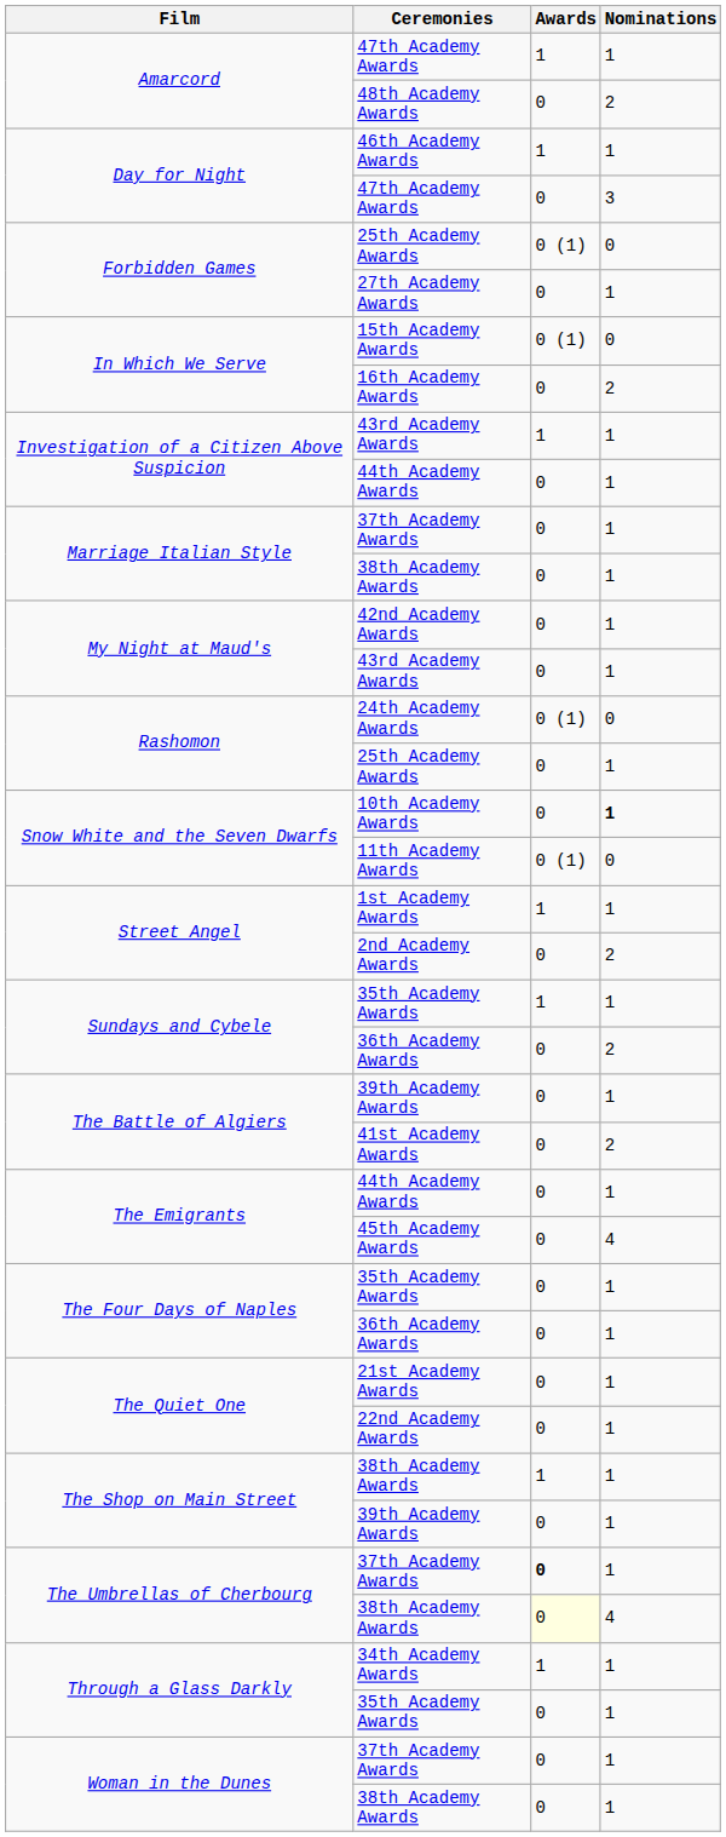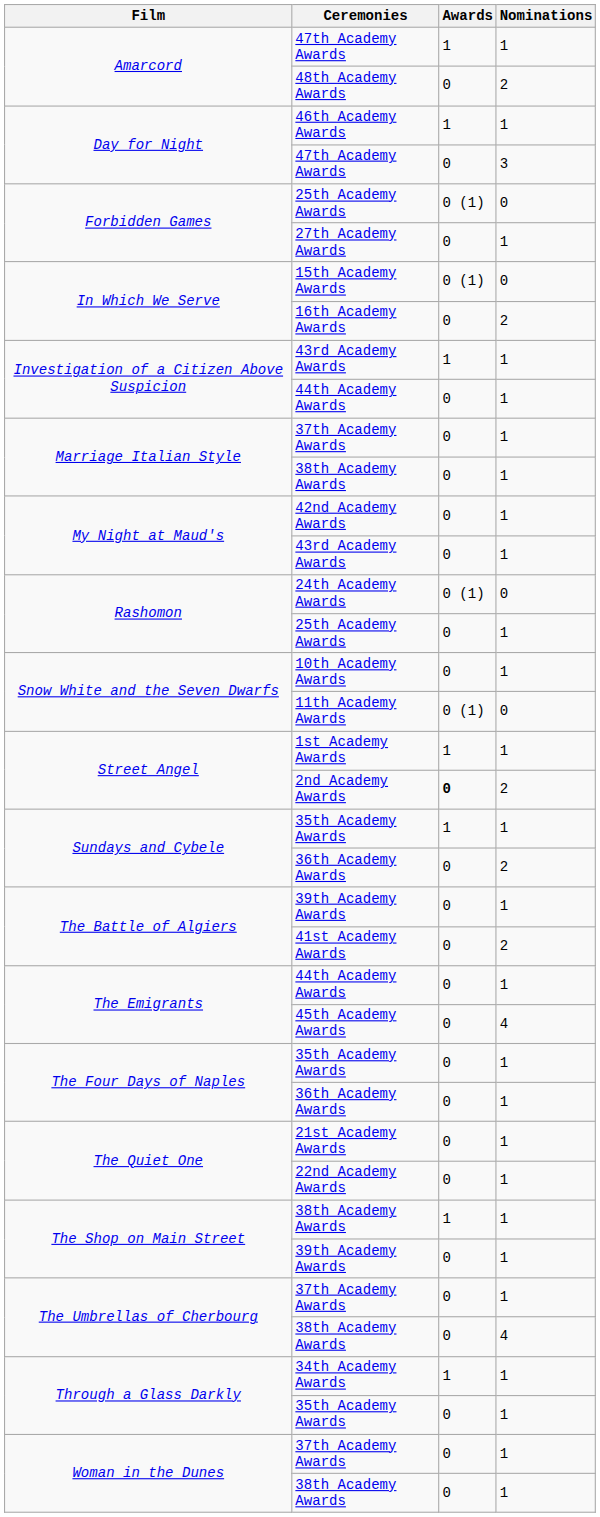 <table class="wikitable sortable collapsible">
 <tr>
 <th ! style=width:20em>Film</th>
 <th scope="col" width="130">Ceremonies</th>
 <th data-sort-type="number" align="center">Awards</th>
 <th data-sort-type="number" align="center">Nominations</th>
 </tr>
 <tr>
 <td rowspan=2 style="text-align:center"><em><a href='#'>Amarcord</a></em></td>
 <td><a href='#'>47th Academy Awards</a></td>
 <td>1</td>
 <td>1</td>
 </tr>
 <tr>
 <td><a href='#'>48th Academy Awards</a></td>
 <td>0</td>
 <td>2</td>
 </tr>
 <tr>
 <td rowspan=2 style="text-align:center"><em><a href='#'>Day for Night</a></em></td>
 <td><a href='#'>46th Academy Awards</a></td>
 <td>1</td>
 <td>1</td>
 </tr>
 <tr>
 <td><a href='#'>47th Academy Awards</a></td>
 <td>0</td>
 <td>3</td>
 </tr>
 <tr>
 <td rowspan=2 style="text-align:center"><em><a href='#'>Forbidden Games</a></em></td>
 <td><a href='#'>25th Academy Awards</a></td>
 <td>0 (1)</td>
 <td>0</td>
 </tr>
 <tr>
 <td><a href='#'>27th Academy Awards</a></td>
 <td>0</td>
 <td>1</td>
 </tr>
 <tr>
 <td rowspan=2 style="text-align:center"><em><a href='#'>In Which We Serve</a></em></td>
 <td><a href='#'>15th Academy Awards</a></td>
 <td>0 (1)</td>
 <td>0</td>
 </tr>
 <tr>
 <td><a href='#'>16th Academy Awards</a></td>
 <td>0</td>
 <td>2</td>
 </tr>
 <tr>
 <td rowspan=2 style="text-align:center"><em><a href='#'>Investigation of a Citizen Above Suspicion</a></em></td>
 <td><a href='#'>43rd Academy Awards</a></td>
 <td>1</td>
 <td>1</td>
 </tr>
 <tr>
 <td><a href='#'>44th Academy Awards</a></td>
 <td>0</td>
 <td>1</td>
 </tr>
 <tr>
 <td rowspan=2 style="text-align:center"><em><a href='#'>Marriage Italian Style</a></em></td>
 <td><a href='#'>37th Academy Awards</a></td>
 <td>0</td>
 <td>1</td>
 </tr>
 <tr>
 <td><a href='#'>38th Academy Awards</a></td>
 <td>0</td>
 <td>1</td>
 </tr>
 <tr>
 <td rowspan=2 style="text-align:center"><em><a href='#'>My Night at Maud's</a></em></td>
 <td><a href='#'>42nd Academy Awards</a></td>
 <td>0</td>
 <td>1</td>
 </tr>
 <tr>
 <td><a href='#'>43rd Academy Awards</a></td>
 <td>0</td>
 <td>1</td>
 </tr>
 <tr>
 <td rowspan=2 style="text-align:center"><em><a href='#'>Rashomon</a></em></td>
 <td><a href='#'>24th Academy Awards</a></td>
 <td>0 (1)</td>
 <td>0</td>
 </tr>
 <tr>
 <td><a href='#'>25th Academy Awards</a></td>
 <td>0</td>
 <td>1</td>
 </tr>
 <tr>
 <td rowspan=2 style="text-align:center"><em><a href='#'>Snow White and the Seven Dwarfs</a></em></td>
 <td><a href='#'>10th Academy Awards</a></td>
 <td>0</td>
-<td><strong>1</strong></td>
+<td>1</td>
 </tr>
 <tr>
 <td><a href='#'>11th Academy Awards</a></td>
 <td>0 (1)</td>
 <td>0</td>
 </tr>
 <tr>
 <td rowspan=2 style="text-align:center"><em><a href='#'>Street Angel</a></em></td>
 <td><a href='#'>1st Academy Awards</a></td>
 <td>1</td>
 <td>1</td>
 </tr>
 <tr>
 <td><a href='#'>2nd Academy Awards</a></td>
-<td>0</td>
+<td><strong>0</strong></td>
 <td>2</td>
 </tr>
 <tr>
 <td rowspan=2 style="text-align:center"><em><a href='#'>Sundays and Cybele</a></em></td>
 <td><a href='#'>35th Academy Awards</a></td>
 <td>1</td>
 <td>1</td>
 </tr>
 <tr>
 <td><a href='#'>36th Academy Awards</a></td>
 <td>0</td>
 <td>2</td>
 </tr>
 <tr>
 <td rowspan=2 style="text-align:center"><em><a href='#'>The Battle of Algiers</a></em></td>
 <td><a href='#'>39th Academy Awards</a></td>
 <td>0</td>
 <td>1</td>
 </tr>
 <tr>
 <td><a href='#'>41st Academy Awards</a></td>
 <td>0</td>
 <td>2</td>
 </tr>
 <tr>
 <td rowspan=2 style="text-align:center"><em><a href='#'>The Emigrants</a></em></td>
 <td><a href='#'>44th Academy Awards</a></td>
 <td>0</td>
 <td>1</td>
 </tr>
 <tr>
 <td><a href='#'>45th Academy Awards</a></td>
 <td>0</td>
 <td>4</td>
 </tr>
 <tr>
 <td rowspan=2 style="text-align:center"><em><a href='#'>The Four Days of Naples</a></em></td>
 <td><a href='#'>35th Academy Awards</a></td>
 <td>0</td>
 <td>1</td>
 </tr>
 <tr>
 <td><a href='#'>36th Academy Awards</a></td>
 <td>0</td>
 <td>1</td>
 </tr>
 <tr>
 <td rowspan=2 style="text-align:center"><em><a href='#'>The Quiet One</a></em></td>
 <td><a href='#'>21st Academy Awards</a></td>
 <td>0</td>
 <td>1</td>
 </tr>
 <tr>
 <td><a href='#'>22nd Academy Awards</a></td>
 <td>0</td>
 <td>1</td>
 </tr>
 <tr>
 <td rowspan=2 style="text-align:center"><em><a href='#'>The Shop on Main Street</a></em></td>
 <td><a href='#'>38th Academy Awards</a></td>
 <td>1</td>
 <td>1</td>
 </tr>
 <tr>
 <td><a href='#'>39th Academy Awards</a></td>
 <td>0</td>
 <td>1</td>
 </tr>
 <tr>
 <td rowspan=2 style="text-align:center"><em><a href='#'>The Umbrellas of Cherbourg</a></em></td>
 <td><a href='#'>37th Academy Awards</a></td>
-<td><strong>0</strong></td>
+<td>0</td>
 <td>1</td>
 </tr>
 <tr>
 <td><a href='#'>38th Academy Awards</a></td>
-<td style="background: lightyellow;">0</td>
+<td>0</td>
 <td>4</td>
 </tr>
 <tr>
 <td rowspan=2 style="text-align:center"><em><a href='#'>Through a Glass Darkly</a></em></td>
 <td><a href='#'>34th Academy Awards</a></td>
 <td>1</td>
 <td>1</td>
 </tr>
 <tr>
 <td><a href='#'>35th Academy Awards</a></td>
 <td>0</td>
 <td>1</td>
 </tr>
 <tr>
 <td rowspan=2 style="text-align:center"><em><a href='#'>Woman in the Dunes</a></em></td>
 <td><a href='#'>37th Academy Awards</a></td>
 <td>0</td>
 <td>1</td>
 </tr>
 <tr>
 <td><a href='#'>38th Academy Awards</a></td>
 <td>0</td>
 <td>1</td>
 </tr>
 </table>
